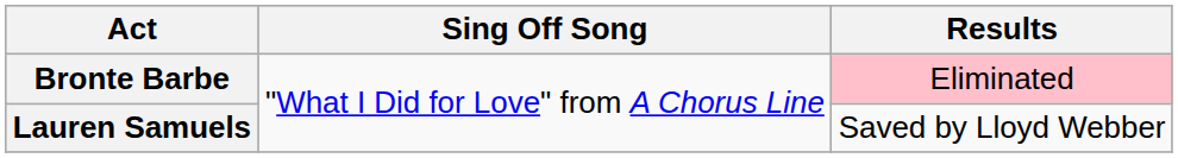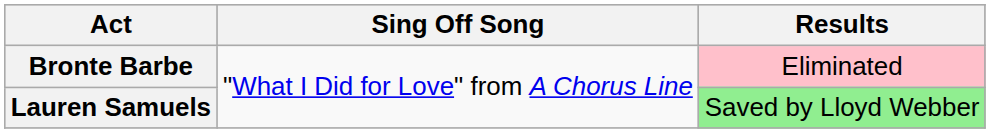 <table class="wikitable plainrowheaders" style="text-align:center;">
 <tr>
 <th scope="col">Act</th>
 <th scope="col">Sing Off Song</th>
 <th scope="col">Results</th>
 </tr>
 <tr>
 <th scope="row">Bronte Barbe</th>
 <td rowspan="2">"<a href='#'>What I Did for Love</a>" from <em><a href='#'>A Chorus Line</a></em></td>
 <td style="background:pink;">Eliminated</td>
 </tr>
 <tr>
 <th scope="row">Lauren Samuels</th>
-<td>Saved by Lloyd Webber</td>
+<td style="background: lightgreen;">Saved by Lloyd Webber</td>
 </tr>
 </table>
